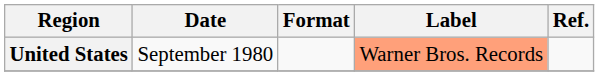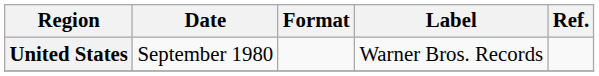 <table class="wikitable plainrowheaders">
 <tr>
 <th scope="col">Region</th>
 <th scope="col">Date</th>
 <th scope="col">Format</th>
 <th scope="col">Label</th>
 <th scope="col">Ref.</th>
 </tr>
 <tr>
 <th scope="row">United States</th>
 <td>September 1980</td>
 <td></td>
-<td style="background: lightsalmon;">Warner Bros. Records</td>
+<td>Warner Bros. Records</td>
 <td></td>
 </tr>
 <tr>
 </tr>
 </table>
